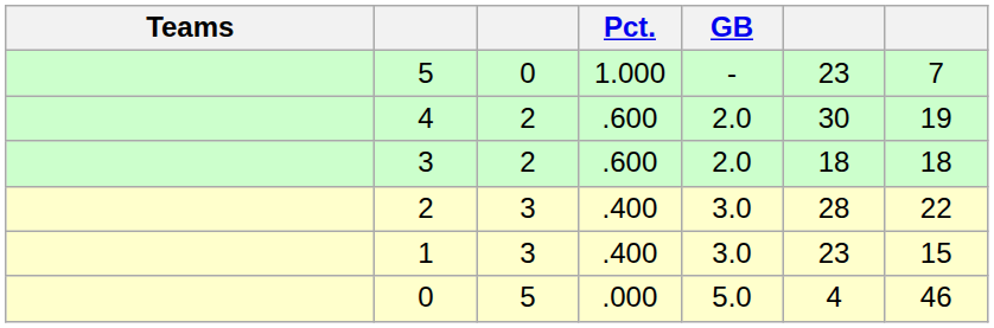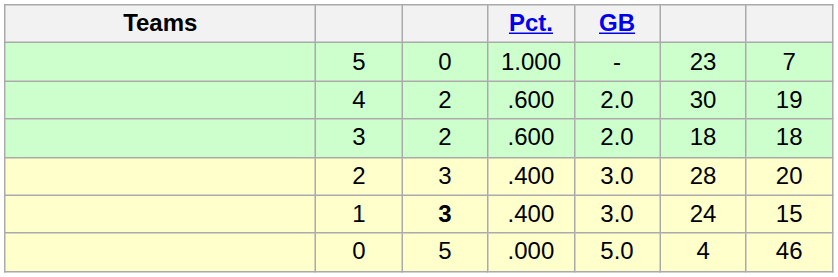 <table class = "wikitable" style = "text-align:center;">
 <tr>
 <th width = 200px>Teams</th>
 <th width = 50px></th>
 <th width = 50px></th>
 <th width = 50px><a href='#'> Pct.</a></th>
 <th width = 50px><a href='#'> GB</a></th>
 <th width = 50px></th>
 <th width = 50px></th>
 </tr>
 <tr style = "background-color:#ccffcc">
 <td align = "left"></td>
 <td>5</td>
 <td>0</td>
 <td>1.000</td>
 <td>-</td>
 <td>23</td>
 <td>7</td>
 </tr>
 <tr style = "background-color:#ccffcc">
 <td align = "left"></td>
 <td>4</td>
 <td>2</td>
 <td>.600</td>
 <td>2.0</td>
 <td>30</td>
 <td>19</td>
 </tr>
 <tr style = "background-color:#ccffcc">
 <td align = "left"></td>
 <td>3</td>
 <td>2</td>
 <td>.600</td>
 <td>2.0</td>
 <td>18</td>
 <td>18</td>
 </tr>
 <tr style = "background-color:#ffffcc">
 <td align = "left"></td>
 <td>2</td>
 <td>3</td>
 <td>.400</td>
 <td>3.0</td>
 <td>28</td>
-<td>22</td>
+<td>20</td>
 </tr>
 <tr style = "background-color:#ffffcc">
 <td align = "left"></td>
 <td>1</td>
-<td>3</td>
+<td><strong>3</strong></td>
 <td>.400</td>
 <td>3.0</td>
-<td>23</td>
+<td>24</td>
 <td>15</td>
 </tr>
 <tr style = "background-color:#ffffcc">
 <td align = "left"></td>
 <td>0</td>
 <td>5</td>
 <td>.000</td>
 <td>5.0</td>
 <td>4</td>
 <td>46</td>
 </tr>
 </table>
